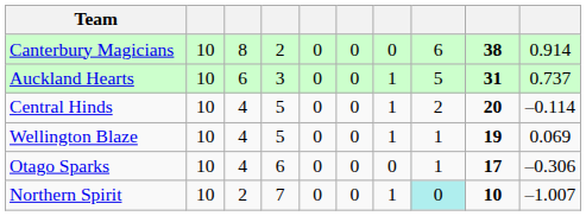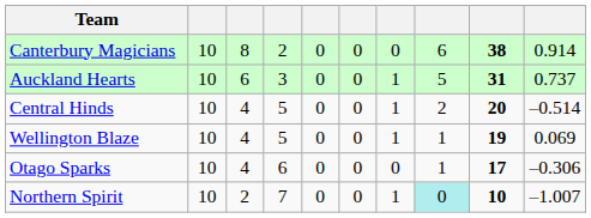 <table class="wikitable" style="text-align:center">
 <tr>
 <th width="150">Team</th>
 <th width="25"></th>
 <th width="25"></th>
 <th width="25"></th>
 <th width="25"></th>
 <th width="25"></th>
 <th width="25"></th>
 <th width="40"></th>
 <th width="40"></th>
 <th width="45"></th>
 </tr>
 <tr style="background:#cfc">
 <td style="text-align:left"><a href='#'>Canterbury Magicians</a></td>
 <td>10</td>
 <td>8</td>
 <td>2</td>
 <td>0</td>
 <td>0</td>
 <td>0</td>
 <td>6</td>
 <td><strong>38</strong></td>
 <td>0.914</td>
 </tr>
 <tr style="background:#cfc">
 <td style="text-align:left"><a href='#'>Auckland Hearts</a></td>
 <td>10</td>
 <td>6</td>
 <td>3</td>
 <td>0</td>
 <td>0</td>
 <td>1</td>
 <td>5</td>
 <td><strong>31</strong></td>
 <td>0.737</td>
 </tr>
 <tr>
 <td style="text-align:left"><a href='#'>Central Hinds</a></td>
 <td>10</td>
 <td>4</td>
 <td>5</td>
 <td>0</td>
 <td>0</td>
 <td>1</td>
 <td>2</td>
 <td><strong>20</strong></td>
-<td>–0.114</td>
+<td>–0.514</td>
 </tr>
 <tr>
 <td style="text-align:left"><a href='#'>Wellington Blaze</a></td>
 <td>10</td>
 <td>4</td>
 <td>5</td>
 <td>0</td>
 <td>0</td>
 <td>1</td>
 <td>1</td>
 <td><strong>19</strong></td>
 <td>0.069</td>
 </tr>
 <tr>
 <td style="text-align:left"><a href='#'>Otago Sparks</a></td>
 <td>10</td>
 <td>4</td>
 <td>6</td>
 <td>0</td>
 <td>0</td>
 <td>0</td>
 <td>1</td>
 <td><strong>17</strong></td>
 <td>–0.306</td>
 </tr>
 <tr>
 <td style="text-align:left"><a href='#'>Northern Spirit</a></td>
 <td>10</td>
 <td>2</td>
 <td>7</td>
 <td>0</td>
 <td>0</td>
 <td>1</td>
 <td style="background: paleturquoise;">0</td>
 <td><strong>10</strong></td>
 <td>–1.007</td>
 </tr>
 </table>
